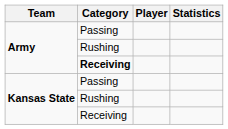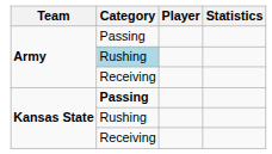 <table class="wikitable" style="float: right;">
 <tr>
 <th>Team</th>
 <th>Category</th>
 <th>Player</th>
 <th>Statistics</th>
 </tr>
 <tr>
 <td rowspan=3><strong>Army</strong></td>
 <td>Passing</td>
 <td></td>
 <td></td>
 </tr>
 <tr>
-<td>Rushing</td>
+<td style="background: lightblue;">Rushing</td>
 <td></td>
 <td></td>
 </tr>
 <tr>
-<td><strong>Receiving</strong></td>
+<td>Receiving</td>
 <td></td>
 <td></td>
 </tr>
 <tr>
 <td rowspan=3><strong>Kansas State</strong></td>
-<td>Passing</td>
+<td><strong>Passing</strong></td>
 <td></td>
 <td></td>
 </tr>
 <tr>
 <td>Rushing</td>
 <td></td>
 <td></td>
 </tr>
 <tr>
 <td>Receiving</td>
 <td></td>
 <td></td>
 </tr>
 </table>
